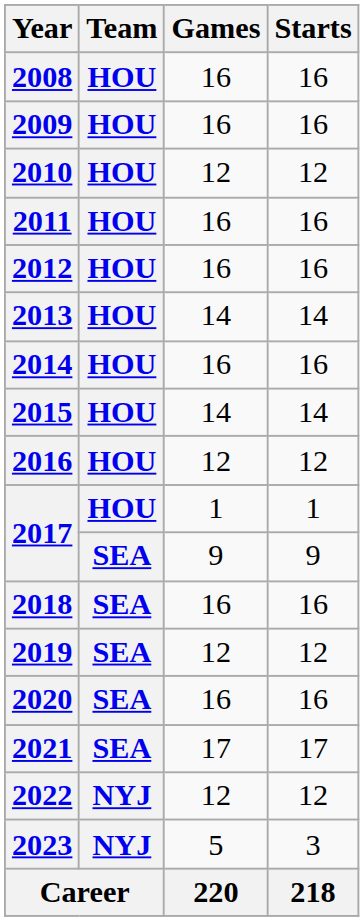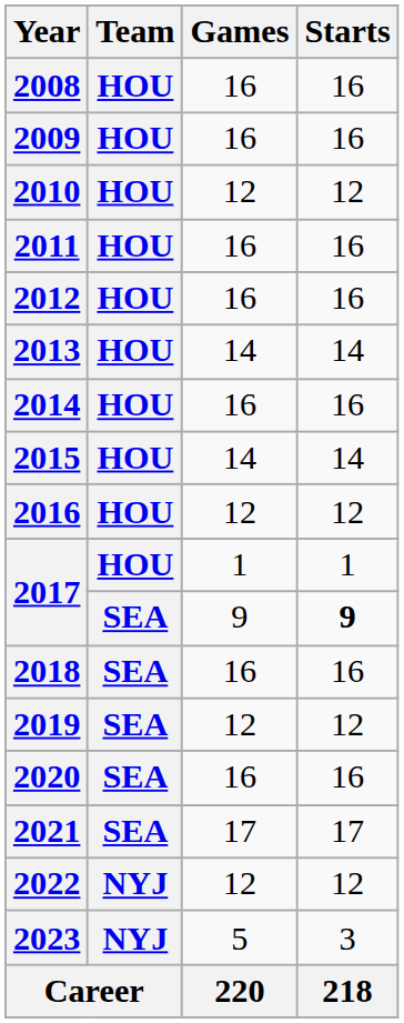 <table class="wikitable" style="text-align: center;">
 <tr>
 <th>Year</th>
 <th>Team</th>
 <th>Games</th>
 <th>Starts</th>
 </tr>
 <tr>
 <th><a href='#'>2008</a></th>
 <th><a href='#'>HOU</a></th>
 <td>16</td>
 <td>16</td>
 </tr>
 <tr>
 <th><a href='#'>2009</a></th>
 <th><a href='#'>HOU</a></th>
 <td>16</td>
 <td>16</td>
 </tr>
 <tr>
 <th><a href='#'>2010</a></th>
 <th><a href='#'>HOU</a></th>
 <td>12</td>
 <td>12</td>
 </tr>
 <tr>
 <th><a href='#'>2011</a></th>
 <th><a href='#'>HOU</a></th>
 <td>16</td>
 <td>16</td>
 </tr>
 <tr>
 <th><a href='#'>2012</a></th>
 <th><a href='#'>HOU</a></th>
 <td>16</td>
 <td>16</td>
 </tr>
 <tr>
 <th><a href='#'>2013</a></th>
 <th><a href='#'>HOU</a></th>
 <td>14</td>
 <td>14</td>
 </tr>
 <tr>
 <th><a href='#'>2014</a></th>
 <th><a href='#'>HOU</a></th>
 <td>16</td>
 <td>16</td>
 </tr>
 <tr>
 <th><a href='#'>2015</a></th>
 <th><a href='#'>HOU</a></th>
 <td>14</td>
 <td>14</td>
 </tr>
 <tr>
 <th><a href='#'>2016</a></th>
 <th><a href='#'>HOU</a></th>
 <td>12</td>
 <td>12</td>
 </tr>
 <tr>
 <th rowspan="2"><a href='#'>2017</a></th>
 <th><a href='#'>HOU</a></th>
 <td>1</td>
 <td>1</td>
 </tr>
 <tr>
 <th><a href='#'>SEA</a></th>
 <td>9</td>
-<td>9</td>
+<td><strong>9</strong></td>
 </tr>
 <tr>
 <th><a href='#'>2018</a></th>
 <th><a href='#'>SEA</a></th>
 <td>16</td>
 <td>16</td>
 </tr>
 <tr>
 <th><a href='#'>2019</a></th>
 <th><a href='#'>SEA</a></th>
 <td>12</td>
 <td>12</td>
 </tr>
 <tr>
 <th><a href='#'>2020</a></th>
 <th><a href='#'>SEA</a></th>
 <td>16</td>
 <td>16</td>
 </tr>
 <tr>
 <th><a href='#'>2021</a></th>
 <th><a href='#'>SEA</a></th>
 <td>17</td>
 <td>17</td>
 </tr>
 <tr>
 <th><a href='#'>2022</a></th>
 <th><a href='#'>NYJ</a></th>
 <td>12</td>
 <td>12</td>
 </tr>
 <tr>
 <th><a href='#'>2023</a></th>
 <th><a href='#'>NYJ</a></th>
 <td>5</td>
 <td>3</td>
 </tr>
 <tr>
 <th colspan="2">Career</th>
 <th>220</th>
 <th>218</th>
 </tr>
 </table>
